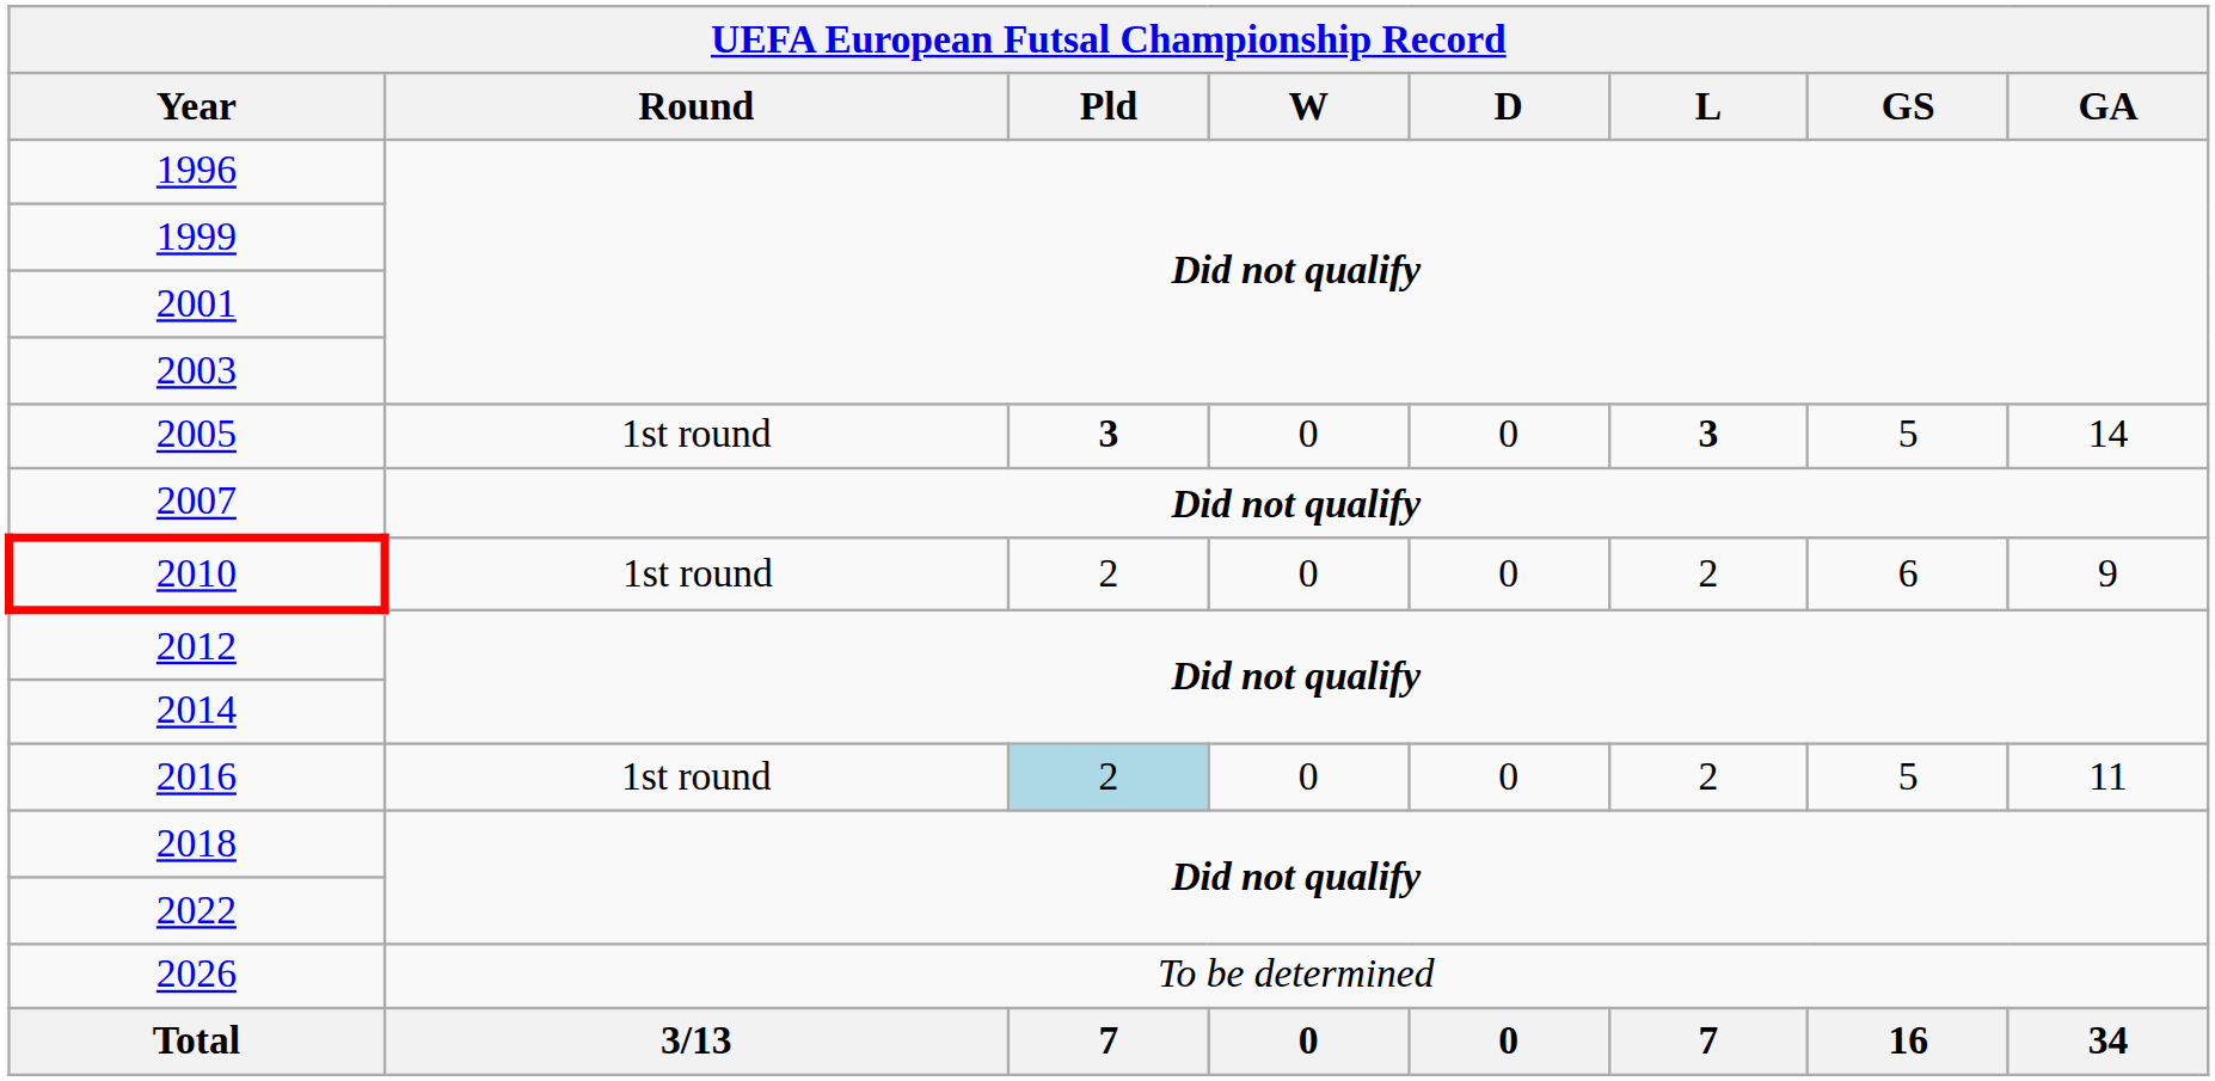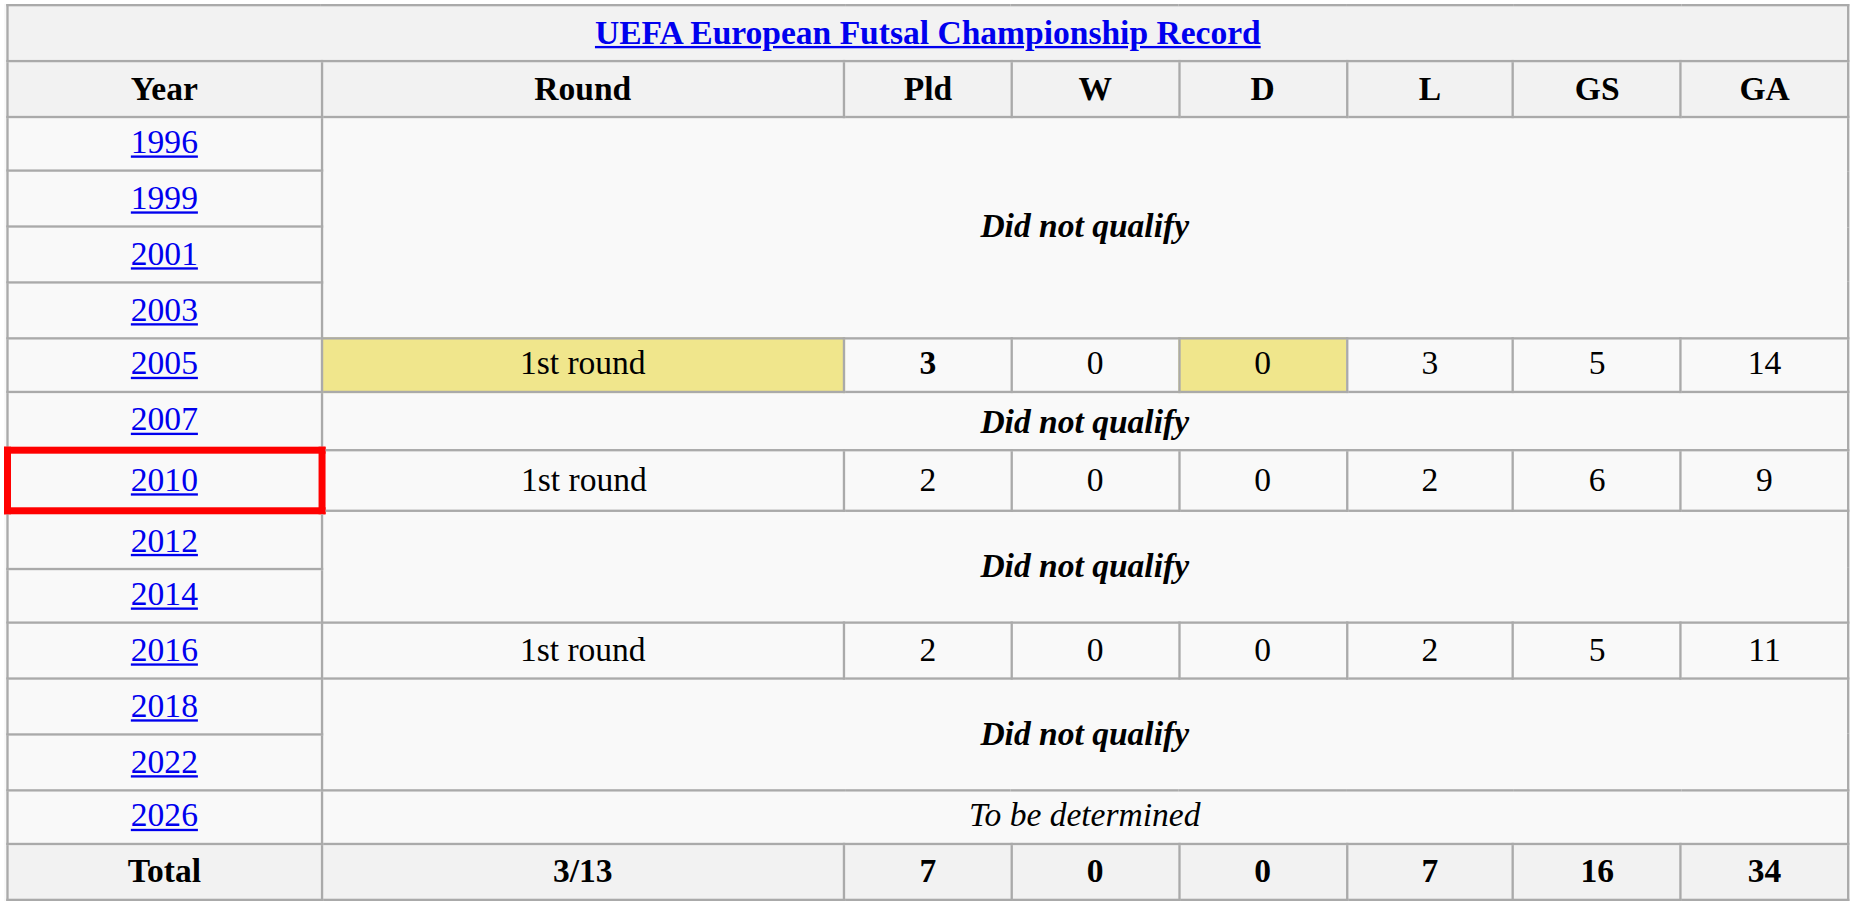 <table class="wikitable" width=50% style="text-align: center;font-size:90%;">
 <tr>
 <th colspan=8><a href='#'>UEFA European Futsal Championship Record</a></th>
 </tr>
 <tr>
 <th width=15%>Year</th>
 <th width=25%>Round</th>
 <th width=8%>Pld</th>
 <th width=8%>W</th>
 <th width=8%>D</th>
 <th width=8%>L</th>
 <th width=8%>GS</th>
 <th width=8%>GA</th>
 </tr>
 <tr>
 <td> <a href='#'>1996</a></td>
 <td rowspan=4 colspan=7><strong><em>Did not qualify</em></strong></td>
 </tr>
 <tr>
 <td> <a href='#'>1999</a></td>
 </tr>
 <tr>
 <td> <a href='#'>2001</a></td>
 </tr>
 <tr>
 <td> <a href='#'>2003</a></td>
 </tr>
 <tr>
 <td> <a href='#'>2005</a></td>
-<td>1st round</td>
+<td style="background: khaki;">1st round</td>
 <td><strong>3</strong></td>
 <td>0</td>
-<td>0</td>
-<td><strong>3</strong></td>
+<td style="background: khaki;">0</td>
+<td>3</td>
 <td>5</td>
 <td>14</td>
 </tr>
 <tr>
 <td> <a href='#'>2007</a></td>
 <td colspan=7><strong><em>Did not qualify</em></strong></td>
 </tr>
 <tr>
 <td style="border: 3px solid red"> <a href='#'>2010</a></td>
 <td>1st round</td>
 <td>2</td>
 <td>0</td>
 <td>0</td>
 <td>2</td>
 <td>6</td>
 <td>9</td>
 </tr>
 <tr>
 <td> <a href='#'>2012</a></td>
 <td rowspan=2 colspan=7><strong><em>Did not qualify</em></strong></td>
 </tr>
 <tr>
 <td> <a href='#'>2014</a></td>
 </tr>
 <tr>
 <td> <a href='#'>2016</a></td>
 <td>1st round</td>
-<td style="background: lightblue;">2</td>
+<td>2</td>
 <td>0</td>
 <td>0</td>
 <td>2</td>
 <td>5</td>
 <td>11</td>
 </tr>
 <tr>
 <td> <a href='#'>2018</a></td>
 <td rowspan=2 colspan=7><strong><em>Did not qualify</em></strong></td>
 </tr>
 <tr>
 <td> <a href='#'>2022</a></td>
 </tr>
 <tr>
 <td> <a href='#'>2026</a></td>
 <td colspan=7><em>To be determined</em></td>
 </tr>
 <tr>
 <th><strong>Total</strong></th>
 <th>3/13</th>
 <th>7</th>
 <th>0</th>
 <th>0</th>
 <th>7</th>
 <th>16</th>
 <th>34</th>
 </tr>
 </table>
